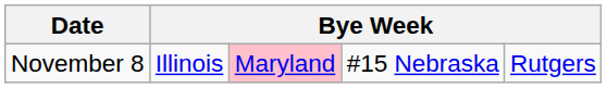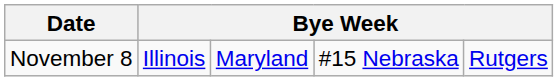 <table class="wikitable" style="font-size:95%;">
 <tr>
 <th>Date</th>
 <th colspan="4">Bye Week</th>
 </tr>
 <tr>
 <td>November 8</td>
 <td><a href='#'>Illinois</a></td>
-<td style="background: pink;"><a href='#'>Maryland</a></td>
+<td><a href='#'>Maryland</a></td>
 <td>#15 <a href='#'>Nebraska</a></td>
 <td><a href='#'>Rutgers</a></td>
 </tr>
 </table>
